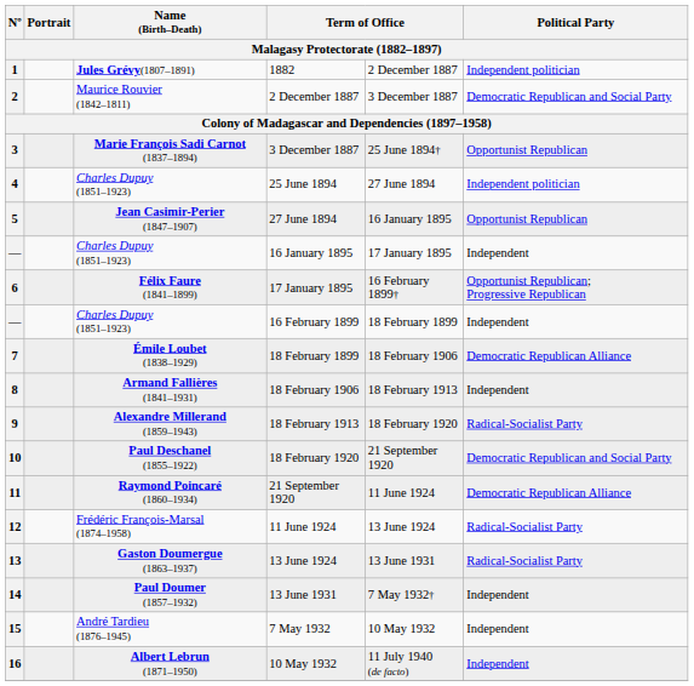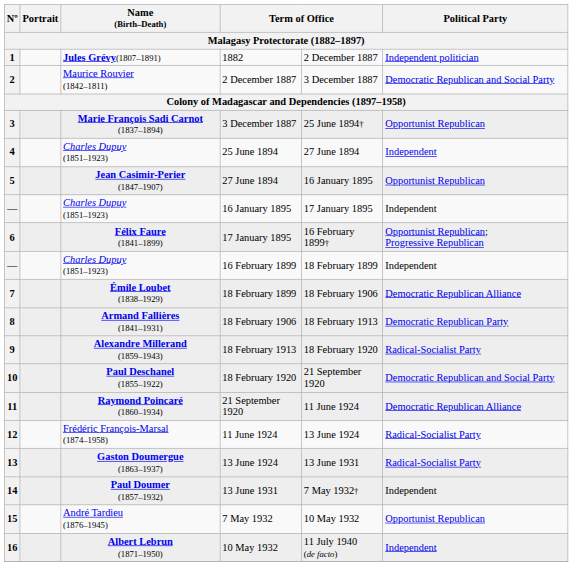 <table class="wikitable">
 <tr>
 <th>Nº</th>
 <th>Portrait</th>
 <th width="30%">Name<br><small>(Birth–Death)</small></th>
 <th colspan="2" width="30%">Term of Office</th>
 <th width="35%">Political Party</th>
 </tr>
 <tr>
 <th colspan="6">Malagasy Protectorate (1882–1897)</th>
 </tr>
 <tr>
 <th>1</th>
 <td></td>
 <td><strong><a href='#'>Jules Grévy</a></strong><small>(1807–1891)</small></td>
 <td>1882</td>
 <td>2 December 1887</td>
 <td><a href='#'>Independent politician</a></td>
 </tr>
 <tr>
 <th>2</th>
 <td></td>
 <td><a href='#'>Maurice Rouvier</a><br><small>(1842–1811)</small></td>
 <td>2 December 1887</td>
 <td>3 December 1887</td>
 <td><a href='#'>Democratic Republican and Social Party</a></td>
 </tr>
 <tr>
 <th colspan="6">Colony of Madagascar and Dependencies (1897–1958)</th>
 </tr>
 <tr bgcolor="#EEEEEE">
 <th style="background:">3</th>
 <td></td>
 <td align="center"><strong><a href='#'>Marie François Sadi Carnot</a></strong><br><small>(1837–1894)</small></td>
 <td>3 December 1887</td>
 <td>25 June 1894<small>†</small></td>
 <td><a href='#'>Opportunist Republican</a></td>
 </tr>
 <tr>
 <th>4</th>
 <td></td>
 <td><em><a href='#'>Charles Dupuy</a></em><br><small>(1851–1923)</small></td>
 <td>25 June 1894</td>
 <td>27 June 1894</td>
-<td><a href='#'>Independent politician</a></td>
+<td><a href='#'>Independent</a></td>
 </tr>
 <tr bgcolor="#EEEEEE">
 <th style="background:">5</th>
 <td></td>
 <td align="center"><strong><a href='#'>Jean Casimir-Perier</a></strong><br><small>(1847–1907)</small></td>
 <td>27 June 1894</td>
 <td>16 January 1895</td>
 <td><a href='#'>Opportunist Republican</a></td>
 </tr>
 <tr>
 <th>—</th>
 <td></td>
 <td><em><a href='#'>Charles Dupuy</a></em><br><small>(1851–1923)</small></td>
 <td>16 January 1895</td>
 <td>17 January 1895</td>
 <td>Independent</td>
 </tr>
 <tr bgcolor="#EEEEEE">
 <th style="background:">6</th>
 <td></td>
 <td align="center"><strong><a href='#'>Félix Faure</a></strong><br><small>(1841–1899)</small></td>
 <td>17 January 1895</td>
 <td>16 February 1899<small>†</small></td>
 <td><a href='#'>Opportunist Republican</a>;<br><a href='#'>Progressive Republican</a></td>
 </tr>
 <tr>
 <th>—</th>
 <td></td>
 <td><em><a href='#'>Charles Dupuy</a></em><br><small>(1851–1923)</small></td>
 <td>16 February 1899</td>
 <td>18 February 1899</td>
 <td>Independent</td>
 </tr>
 <tr bgcolor="#EEEEEE">
 <th style="background:">7</th>
 <td></td>
 <td align="center"><strong><a href='#'>Émile Loubet</a></strong><br><small>(1838–1929)</small></td>
 <td>18 February 1899</td>
 <td>18 February 1906</td>
 <td><a href='#'>Democratic Republican Alliance</a></td>
 </tr>
 <tr bgcolor="#EEEEEE">
 <th style="background:">8</th>
 <td></td>
 <td align="center"><strong><a href='#'>Armand Fallières</a></strong><br><small>(1841–1931)</small></td>
 <td>18 February 1906</td>
 <td>18 February 1913</td>
-<td>Independent</td>
+<td><a href='#'>Democratic Republican Party</a></td>
 </tr>
 <tr bgcolor="#EEEEEE">
 <th style="background:">9</th>
 <td></td>
 <td align="center"><strong><a href='#'>Alexandre Millerand</a></strong><br><small>(1859–1943)</small></td>
 <td>18 February 1913</td>
 <td>18 February 1920</td>
 <td><a href='#'>Radical-Socialist Party</a></td>
 </tr>
 <tr bgcolor="#EEEEEE">
 <th style="background:">10</th>
 <td></td>
 <td align="center"><strong><a href='#'>Paul Deschanel</a></strong><br><small>(1855–1922)</small></td>
 <td>18 February 1920</td>
 <td>21 September 1920</td>
 <td><a href='#'>Democratic Republican and Social Party</a></td>
 </tr>
 <tr bgcolor="#EEEEEE">
 <th style="background:">11</th>
 <td></td>
 <td align="center"><strong><a href='#'>Raymond Poincaré</a></strong><br><small>(1860–1934)</small></td>
 <td>21 September 1920</td>
 <td>11 June 1924</td>
 <td><a href='#'>Democratic Republican Alliance</a></td>
 </tr>
 <tr>
 <th>12</th>
 <td></td>
 <td><a href='#'>Frédéric François-Marsal</a><br><small>(1874–1958)</small></td>
 <td>11 June 1924</td>
 <td>13 June 1924</td>
 <td><a href='#'>Radical-Socialist Party</a></td>
 </tr>
 <tr bgcolor="#EEEEEE">
 <th style="background:">13</th>
 <td></td>
 <td align="center"><strong><a href='#'>Gaston Doumergue</a></strong><br><small>(1863–1937)</small></td>
 <td>13 June 1924</td>
 <td>13 June 1931</td>
 <td><a href='#'>Radical-Socialist Party</a></td>
 </tr>
 <tr bgcolor="#EEEEEE">
 <th style="background:">14</th>
 <td></td>
 <td align="center"><strong><a href='#'>Paul Doumer</a></strong><br><small>(1857–1932)</small></td>
 <td>13 June 1931</td>
 <td>7 May 1932<small>†</small></td>
 <td>Independent</td>
 </tr>
 <tr>
 <th>15</th>
 <td></td>
 <td><a href='#'>André Tardieu</a><br><small>(1876–1945)</small></td>
 <td>7 May 1932</td>
 <td>10 May 1932</td>
-<td>Independent</td>
+<td><a href='#'>Opportunist Republican</a></td>
 </tr>
 <tr bgcolor="#EEEEEE">
 <th style="background:">16</th>
 <td></td>
 <td align="center"><strong><a href='#'>Albert Lebrun</a></strong><br><small>(1871–1950)</small></td>
 <td>10 May 1932</td>
 <td>11 July 1940<br><small>(<em>de facto</em>)</small></td>
 <td><a href='#'>Independent</a></td>
 </tr>
 <tr>
 </tr>
 </table>
